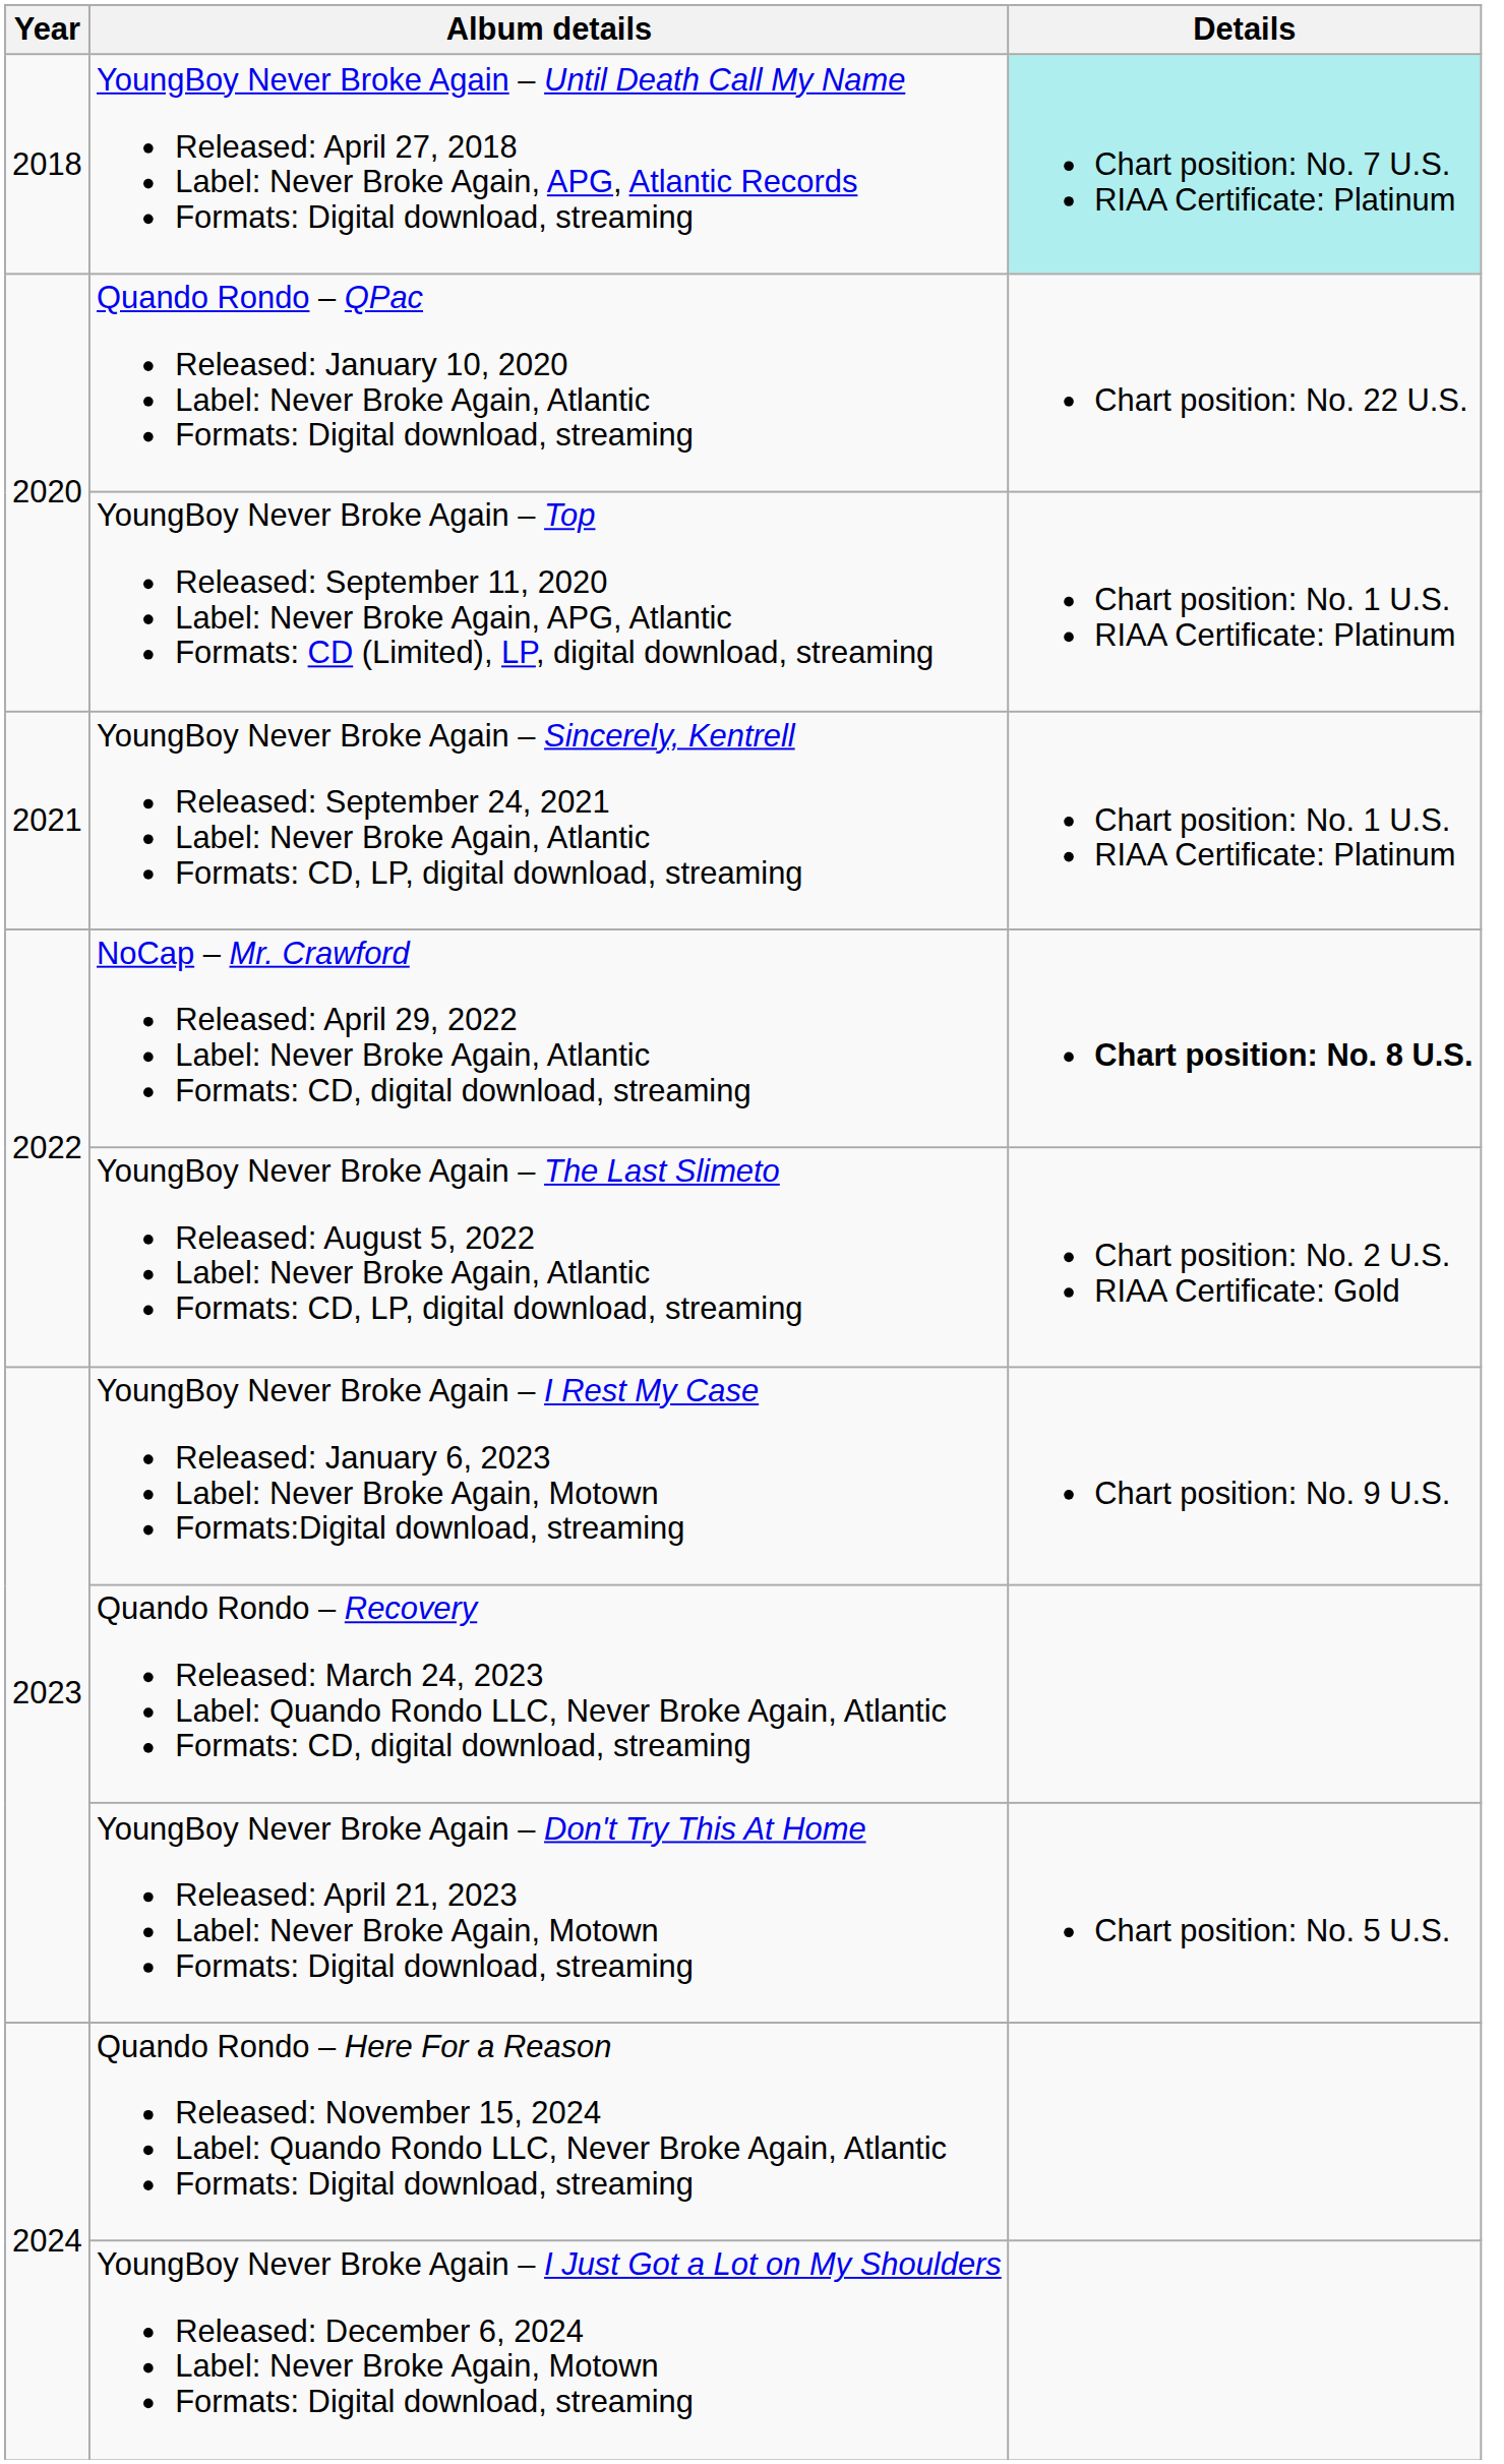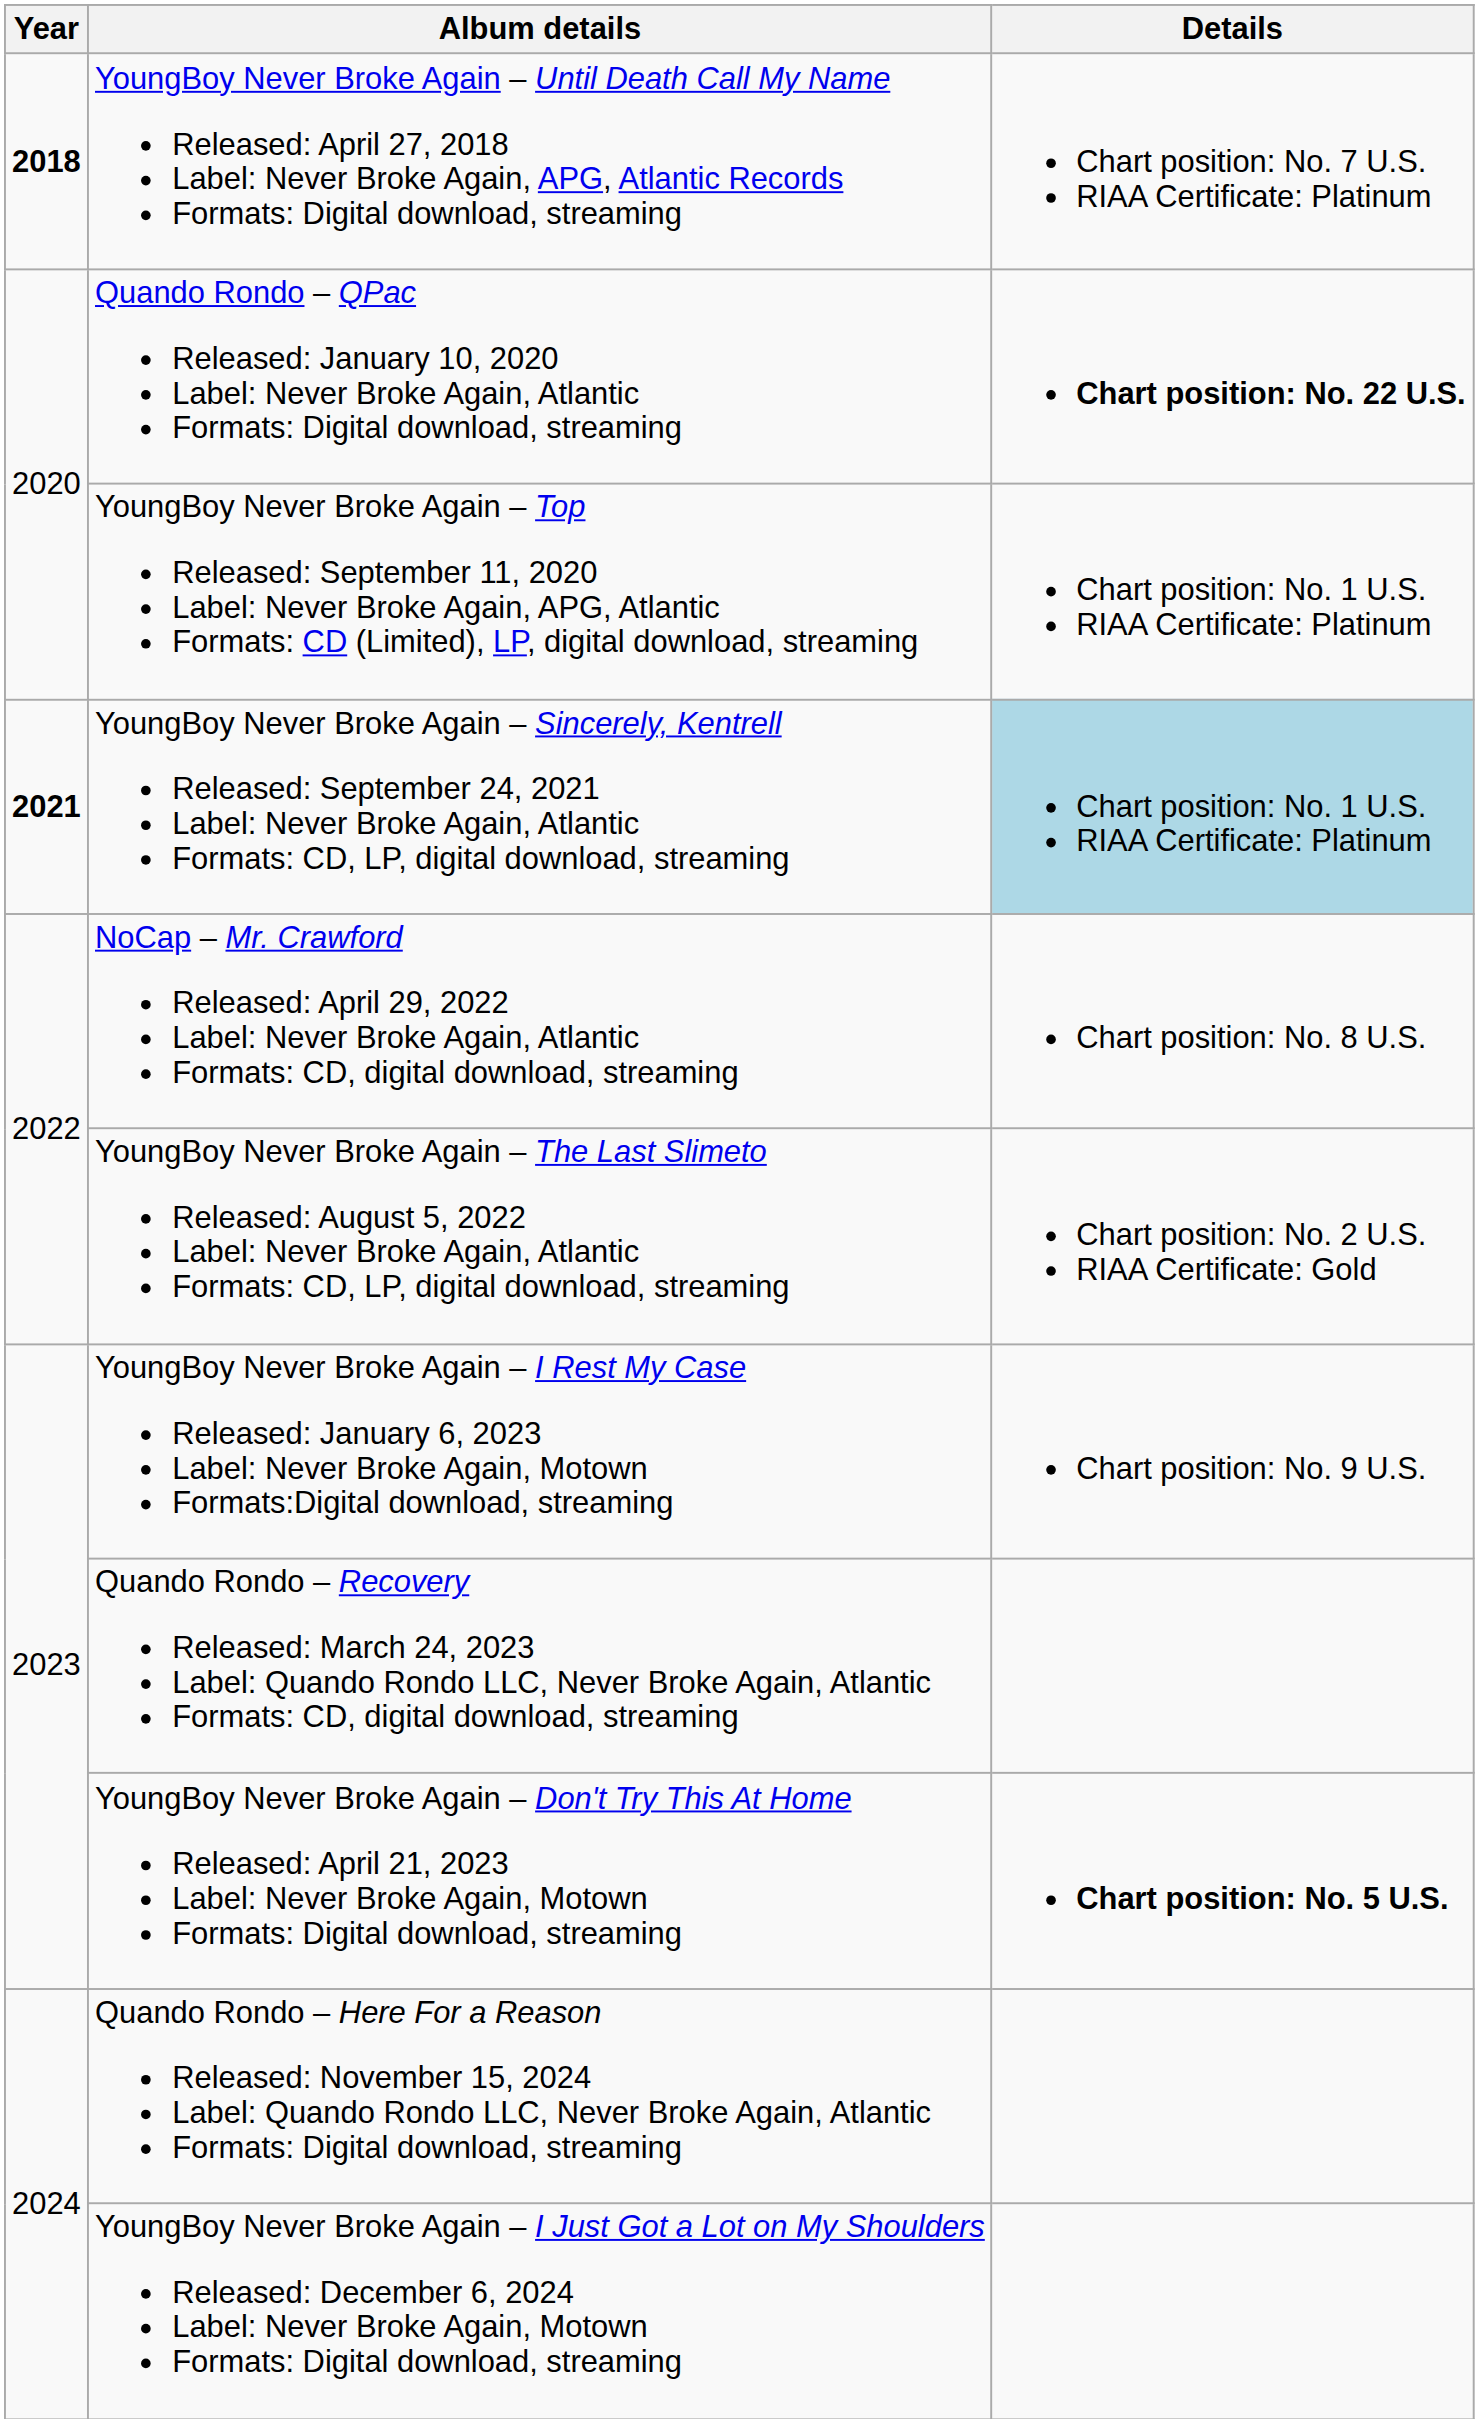 <table class="wikitable sortable">
 <tr>
 <th>Year</th>
 <th class="unsortable">Album details</th>
 <th>Details</th>
 </tr>
 <tr>
-<td rowspan="1" style="text-align: center">2018</td>
+<td rowspan="1" style="text-align: center"><strong>2018</strong></td>
 <td><a href='#'>YoungBoy Never Broke Again</a> – <em><a href='#'>Until Death Call My Name</a></em><br><ul><li>Released: April 27, 2018</li><li>Label: Never Broke Again, <a href='#'>APG</a>, <a href='#'>Atlantic Records</a></li><li>Formats: Digital download, streaming</li></ul></td>
-<td style="background: paleturquoise;"><br><ul><li>Chart position: No. 7 U.S.</li><li>RIAA Certificate: Platinum</li></ul></td>
+<td><br><ul><li>Chart position: No. 7 U.S.</li><li>RIAA Certificate: Platinum</li></ul></td>
 </tr>
 <tr>
 <td rowspan="2" style="text-align: center">2020</td>
 <td><a href='#'>Quando Rondo</a> – <em><a href='#'>QPac</a></em><br><ul><li>Released: January 10, 2020</li><li>Label: Never Broke Again, Atlantic</li><li>Formats: Digital download, streaming</li></ul></td>
-<td><br><ul><li>Chart position: No. 22 U.S.</li></ul></td>
+<td><strong><br><ul><li>Chart position: No. 22 U.S.</li></ul></strong></td>
 </tr>
 <tr>
 <td>YoungBoy Never Broke Again – <em><a href='#'>Top</a></em><br><ul><li>Released: September 11, 2020</li><li>Label: Never Broke Again, APG, Atlantic</li><li>Formats:  <a href='#'>CD</a> (Limited), <a href='#'>LP</a>, digital download, streaming</li></ul></td>
 <td><br><ul><li>Chart position: No. 1 U.S.</li><li>RIAA Certificate: Platinum</li></ul></td>
 </tr>
 <tr>
-<td rowspan="1" style="text-align: center">2021</td>
+<td rowspan="1" style="text-align: center"><strong>2021</strong></td>
 <td>YoungBoy Never Broke Again – <em><a href='#'>Sincerely, Kentrell</a></em><br><ul><li>Released: September 24, 2021</li><li>Label: Never Broke Again, Atlantic</li><li>Formats: CD, LP, digital download, streaming</li></ul></td>
-<td><br><ul><li>Chart position: No. 1 U.S.</li><li>RIAA Certificate: Platinum</li></ul></td>
+<td style="background: lightblue;"><br><ul><li>Chart position: No. 1 U.S.</li><li>RIAA Certificate: Platinum</li></ul></td>
 </tr>
 <tr>
 <td rowspan="2" style="text-align: center">2022</td>
 <td><a href='#'>NoCap</a> – <em><a href='#'>Mr. Crawford</a></em><br><ul><li>Released: April 29, 2022</li><li>Label: Never Broke Again, Atlantic</li><li>Formats: CD, digital download, streaming</li></ul></td>
-<td><strong><br><ul><li>Chart position: No. 8 U.S.</li></ul></strong></td>
+<td><br><ul><li>Chart position: No. 8 U.S.</li></ul></td>
 </tr>
 <tr>
 <td>YoungBoy Never Broke Again – <em><a href='#'>The Last Slimeto</a></em><br><ul><li>Released: August 5, 2022</li><li>Label: Never Broke Again, Atlantic</li><li>Formats: CD, LP, digital download, streaming</li></ul></td>
 <td><br><ul><li>Chart position: No. 2 U.S.</li><li>RIAA Certificate: Gold</li></ul></td>
 </tr>
 <tr>
 <td rowspan="3" style="text-align: center">2023</td>
 <td>YoungBoy Never Broke Again – <em><a href='#'>I Rest My Case</a></em><br><ul><li>Released: January 6, 2023</li><li>Label: Never Broke Again, Motown</li><li>Formats:Digital download, streaming</li></ul></td>
 <td><br><ul><li>Chart position: No. 9 U.S.</li></ul></td>
 </tr>
 <tr>
 <td>Quando Rondo – <em><a href='#'>Recovery</a></em><br><ul><li>Released: March 24, 2023</li><li>Label: Quando Rondo LLC, Never Broke Again, Atlantic</li><li>Formats: CD, digital download, streaming</li></ul></td>
 <td></td>
 </tr>
 <tr>
 <td>YoungBoy Never Broke Again – <em><a href='#'>Don't Try This At Home</a></em><br><ul><li>Released: April 21, 2023</li><li>Label: Never Broke Again, Motown</li><li>Formats: Digital download, streaming</li></ul></td>
-<td><br><ul><li>Chart position: No. 5 U.S.</li></ul></td>
+<td><strong><br><ul><li>Chart position: No. 5 U.S.</li></ul></strong></td>
 </tr>
 <tr>
 <td rowspan="2" style="text-align: center">2024</td>
 <td>Quando Rondo – <em>Here For a Reason</em><br><ul><li>Released: November 15, 2024</li><li>Label: Quando Rondo LLC, Never Broke Again, Atlantic</li><li>Formats: Digital download, streaming</li></ul></td>
 <td></td>
 </tr>
 <tr>
 <td>YoungBoy Never Broke Again – <em><a href='#'>I Just Got a Lot on My Shoulders</a></em><br><ul><li>Released: December 6, 2024</li><li>Label: Never Broke Again, Motown</li><li>Formats: Digital download, streaming</li></ul></td>
 <td></td>
 </tr>
 </table>
